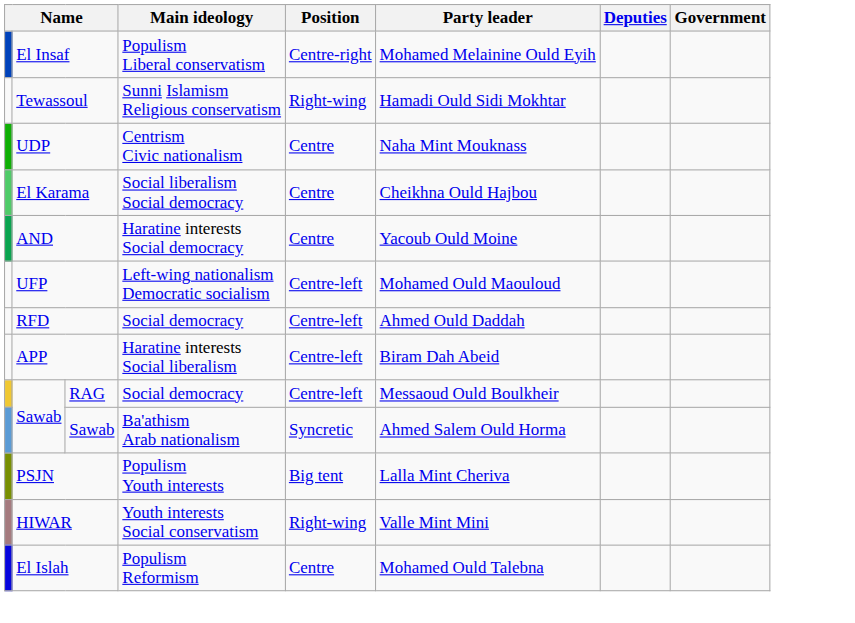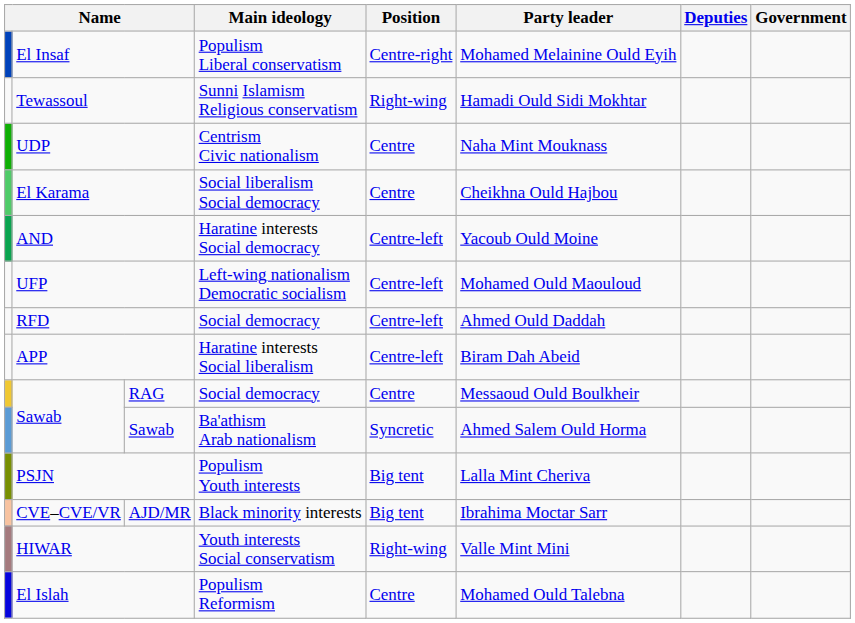 <table class=wikitable>
 <tr>
 <th colspan=3>Name</th>
 <th>Main ideology</th>
 <th>Position</th>
 <th>Party leader</th>
 <th><a href='#'>Deputies</a></th>
 <th>Government</th>
 </tr>
 <tr>
 <td style="background:#0042BA;"></td>
 <td colspan="2"><a href='#'>El Insaf</a></td>
 <td><a href='#'>Populism</a><br><a href='#'>Liberal conservatism</a></td>
 <td><a href='#'>Centre-right</a></td>
 <td><a href='#'>Mohamed Melainine Ould Eyih</a></td>
 <td></td>
 <td></td>
 </tr>
 <tr>
 <td style="color:inherit;background:"></td>
 <td colspan="2"><a href='#'>Tewassoul</a></td>
 <td><a href='#'>Sunni</a> <a href='#'>Islamism</a><br><a href='#'>Religious conservatism</a></td>
 <td><a href='#'>Right-wing</a></td>
 <td><a href='#'>Hamadi Ould Sidi Mokhtar</a></td>
 <td></td>
 <td></td>
 </tr>
 <tr>
 <td style="background:#0FAF05;"></td>
 <td colspan="2"><a href='#'>UDP</a></td>
 <td><a href='#'>Centrism</a><br><a href='#'>Civic nationalism</a></td>
 <td><a href='#'>Centre</a></td>
 <td><a href='#'>Naha Mint Mouknass</a></td>
 <td></td>
 <td></td>
 </tr>
 <tr>
 <td style="background:#4FCB68;"></td>
 <td colspan="2"><a href='#'>El Karama</a></td>
 <td><a href='#'>Social liberalism</a><br><a href='#'>Social democracy</a></td>
 <td><a href='#'>Centre</a></td>
 <td><a href='#'>Cheikhna Ould Hajbou</a></td>
 <td></td>
 <td></td>
 </tr>
 <tr>
 <td style="background:#0AA450;"></td>
 <td colspan="2"><a href='#'>AND</a></td>
 <td><a href='#'>Haratine</a> interests<br><a href='#'>Social democracy</a></td>
-<td><a href='#'>Centre</a></td>
+<td><a href='#'>Centre-left</a></td>
 <td><a href='#'>Yacoub Ould Moine</a></td>
 <td></td>
 <td></td>
 </tr>
 <tr>
 <td style="color:inherit;background:"></td>
 <td colspan="2"><a href='#'>UFP</a></td>
 <td><a href='#'>Left-wing nationalism</a><br><a href='#'>Democratic socialism</a></td>
 <td><a href='#'>Centre-left</a></td>
 <td><a href='#'>Mohamed Ould Maouloud</a></td>
 <td></td>
 <td></td>
 </tr>
 <tr>
 <td style="color:inherit;background:"></td>
 <td colspan="2"><a href='#'>RFD</a></td>
 <td><a href='#'>Social democracy</a></td>
 <td><a href='#'>Centre-left</a></td>
 <td><a href='#'>Ahmed Ould Daddah</a></td>
 <td></td>
 <td></td>
 </tr>
 <tr>
 <td style="background:"></td>
 <td colspan="2"><a href='#'>APP</a></td>
 <td><a href='#'>Haratine</a> interests<br><a href='#'>Social liberalism</a></td>
 <td><a href='#'>Centre-left</a></td>
 <td><a href='#'>Biram Dah Abeid</a></td>
 <td></td>
 <td></td>
 </tr>
 <tr>
 <td style="background:#F0C832;"></td>
 <td rowspan="2"><a href='#'>Sawab</a></td>
 <td><a href='#'>RAG</a></td>
 <td><a href='#'>Social democracy</a></td>
-<td><a href='#'>Centre-left</a></td>
+<td><a href='#'>Centre</a></td>
 <td><a href='#'>Messaoud Ould Boulkheir</a></td>
 <td></td>
 <td></td>
 </tr>
 <tr>
 <td style="background:#5B9BD5;"></td>
 <td><a href='#'>Sawab</a></td>
 <td><a href='#'>Ba'athism</a><br><a href='#'>Arab nationalism</a></td>
 <td><a href='#'>Syncretic</a></td>
 <td><a href='#'>Ahmed Salem Ould Horma</a></td>
 <td></td>
 <td></td>
 </tr>
 <tr>
 <td style="background:#788F02;"></td>
 <td colspan="2"><a href='#'>PSJN</a></td>
 <td><a href='#'>Populism</a><br><a href='#'>Youth interests</a></td>
 <td><a href='#'>Big tent</a></td>
 <td><a href='#'>Lalla Mint Cheriva</a></td>
 <td></td>
 <td></td>
 </tr>
 <tr>
+<td style="background:#F8C3A0;"></td>
+<td><a href='#'>CVE</a>–<a href='#'>CVE/VR</a></td>
+<td><a href='#'>AJD/MR</a></td>
+<td><a href='#'>Black minority</a> interests</td>
+<td><a href='#'>Big tent</a></td>
+<td><a href='#'>Ibrahima Moctar Sarr</a></td>
+<td></td>
+<td></td>
+</tr>
+<tr>
 <td style="background:#A47A7E;"></td>
 <td colspan="2"><a href='#'>HIWAR</a></td>
 <td><a href='#'>Youth interests</a><br><a href='#'>Social conservatism</a></td>
 <td><a href='#'>Right-wing</a></td>
 <td><a href='#'>Valle Mint Mini</a></td>
 <td></td>
 <td></td>
 </tr>
 <tr>
 <td style="background:#0605DD;"></td>
 <td colspan="2"><a href='#'>El Islah</a></td>
 <td><a href='#'>Populism</a><br><a href='#'>Reformism</a></td>
 <td><a href='#'>Centre</a></td>
 <td><a href='#'>Mohamed Ould Talebna</a></td>
 <td></td>
 <td></td>
 </tr>
 </table>
